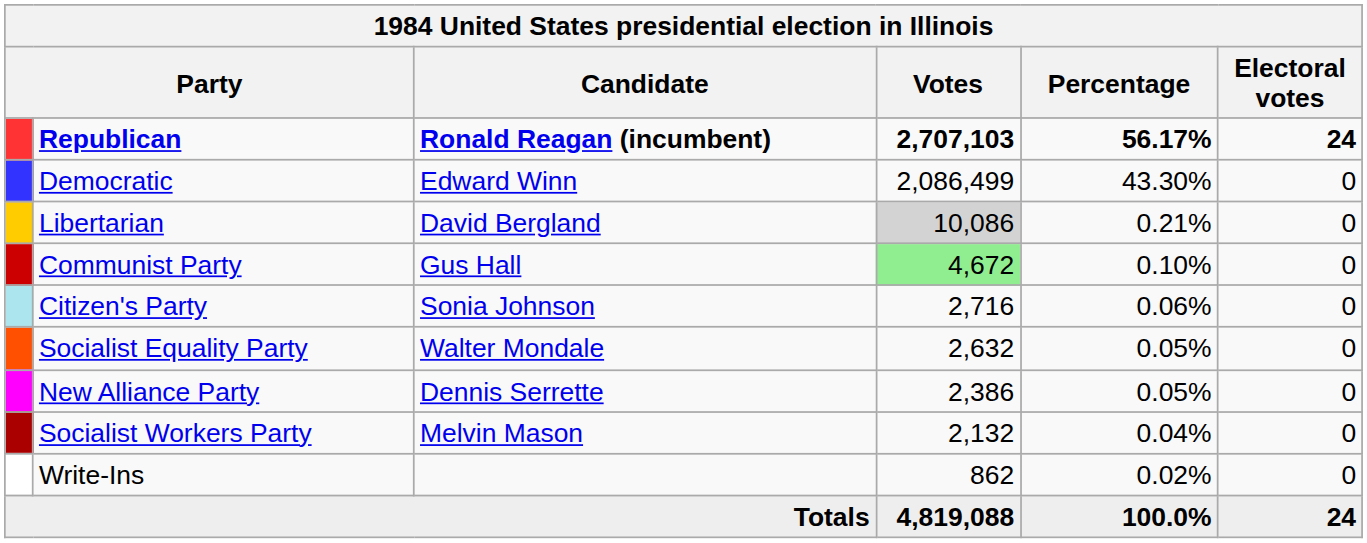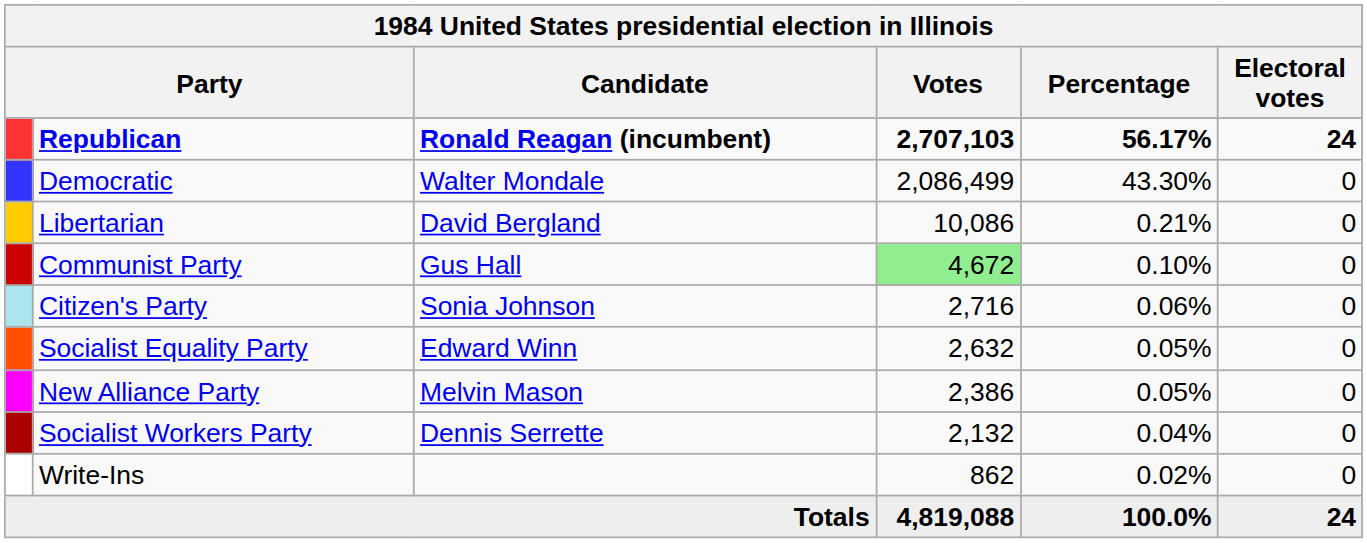 <table class="wikitable" style="font-size: 95%;">
 <tr>
 <th colspan="6">1984 United States presidential election in Illinois</th>
 </tr>
 <tr>
 <th colspan="2" style="width: 15em">Party</th>
 <th style="width: 17em">Candidate</th>
 <th style="width: 5em">Votes</th>
 <th style="width: 7em">Percentage</th>
 <th style="width: 5em">Electoral votes</th>
 </tr>
 <tr>
 <th style="background:#f33; width:3px;"></th>
 <td style="width: 130px"><strong><a href='#'>Republican</a></strong></td>
 <td><strong><a href='#'>Ronald Reagan</a></strong> <strong>(incumbent)</strong></td>
 <td style="text-align:right;"><strong>2,707,103</strong></td>
 <td style="text-align:right;"><strong>56.17%</strong></td>
 <td style="text-align:right;"><strong>24</strong></td>
 </tr>
 <tr>
 <th style="background:#33f; width:3px;"></th>
 <td style="width: 130px"><a href='#'>Democratic</a></td>
-<td><a href='#'>Edward Winn</a></td>
+<td><a href='#'>Walter Mondale</a></td>
 <td style="text-align:right;">2,086,499</td>
 <td style="text-align:right;">43.30%</td>
 <td style="text-align:right;">0</td>
 </tr>
 <tr>
 <th style="background:#FFCC00; width:3px;"></th>
 <td style="width: 130px"><a href='#'>Libertarian</a></td>
 <td><a href='#'>David Bergland</a></td>
-<td style="background: lightgrey; text-align:right;">10,086</td>
+<td style="text-align:right;">10,086</td>
 <td style="text-align:right;">0.21%</td>
 <td style="text-align:right;">0</td>
 </tr>
 <tr>
 <th style="background:#c00; width:3px;"></th>
 <td style="width: 130px"><a href='#'>Communist Party</a></td>
 <td><a href='#'>Gus Hall</a></td>
 <td style="background: lightgreen; text-align:right;">4,672</td>
 <td style="text-align:right;">0.10%</td>
 <td style="text-align:right;">0</td>
 </tr>
 <tr>
 <th style="background: #ACE5EE; width:3px;"></th>
 <td style="width: 130px"><a href='#'>Citizen's Party</a></td>
 <td><a href='#'>Sonia Johnson</a></td>
 <td style="text-align:right;">2,716</td>
 <td style="text-align:right;">0.06%</td>
 <td style="text-align:right;">0</td>
 </tr>
 <tr>
 <th style="background:#FF4F00; width:3px;"></th>
 <td style="width: 130px"><a href='#'>Socialist Equality Party</a></td>
-<td><a href='#'>Walter Mondale</a></td>
+<td><a href='#'>Edward Winn</a></td>
 <td style="text-align:right;">2,632</td>
 <td style="text-align:right;">0.05%</td>
 <td style="text-align:right;">0</td>
 </tr>
 <tr>
 <th style="background: #FF00FF; width:3px;"></th>
 <td style="width: 130px"><a href='#'>New Alliance Party</a></td>
-<td><a href='#'>Dennis Serrette</a></td>
+<td><a href='#'>Melvin Mason</a></td>
 <td style="text-align:right;">2,386</td>
 <td style="text-align:right;">0.05%</td>
 <td style="text-align:right;">0</td>
 </tr>
 <tr>
 <th style="background: #aa0000; width:3px;"></th>
 <td style="width: 130px"><a href='#'>Socialist Workers Party</a></td>
-<td><a href='#'>Melvin Mason</a></td>
+<td><a href='#'>Dennis Serrette</a></td>
 <td style="text-align:right;">2,132</td>
 <td style="text-align:right;">0.04%</td>
 <td style="text-align:right;">0</td>
 </tr>
 <tr>
 <th style="background:#FFFFFF; width:3px;"></th>
 <td style="width: 130px">Write-Ins</td>
 <td></td>
 <td style="text-align:right;">862</td>
 <td style="text-align:right;">0.02%</td>
 <td style="text-align:right;">0</td>
 </tr>
 <tr style="background:#eee; text-align:right;">
 <td colspan="3"><strong>Totals</strong></td>
 <td><strong>4,819,088</strong></td>
 <td><strong>100.0%</strong></td>
 <td><strong>24</strong></td>
 </tr>
 </table>
